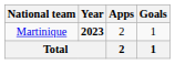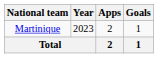 <table class="wikitable" style="text-align:center">
 <tr>
 <th>National team</th>
 <th>Year</th>
 <th>Apps</th>
 <th>Goals</th>
 </tr>
 <tr>
 <td rowspan="1"><a href='#'>Martinique</a></td>
-<td><strong>2023</strong></td>
+<td>2023</td>
 <td>2</td>
 <td>1</td>
 </tr>
 <tr>
 <th colspan="2">Total</th>
 <th>2</th>
 <th>1</th>
 </tr>
 </table>
